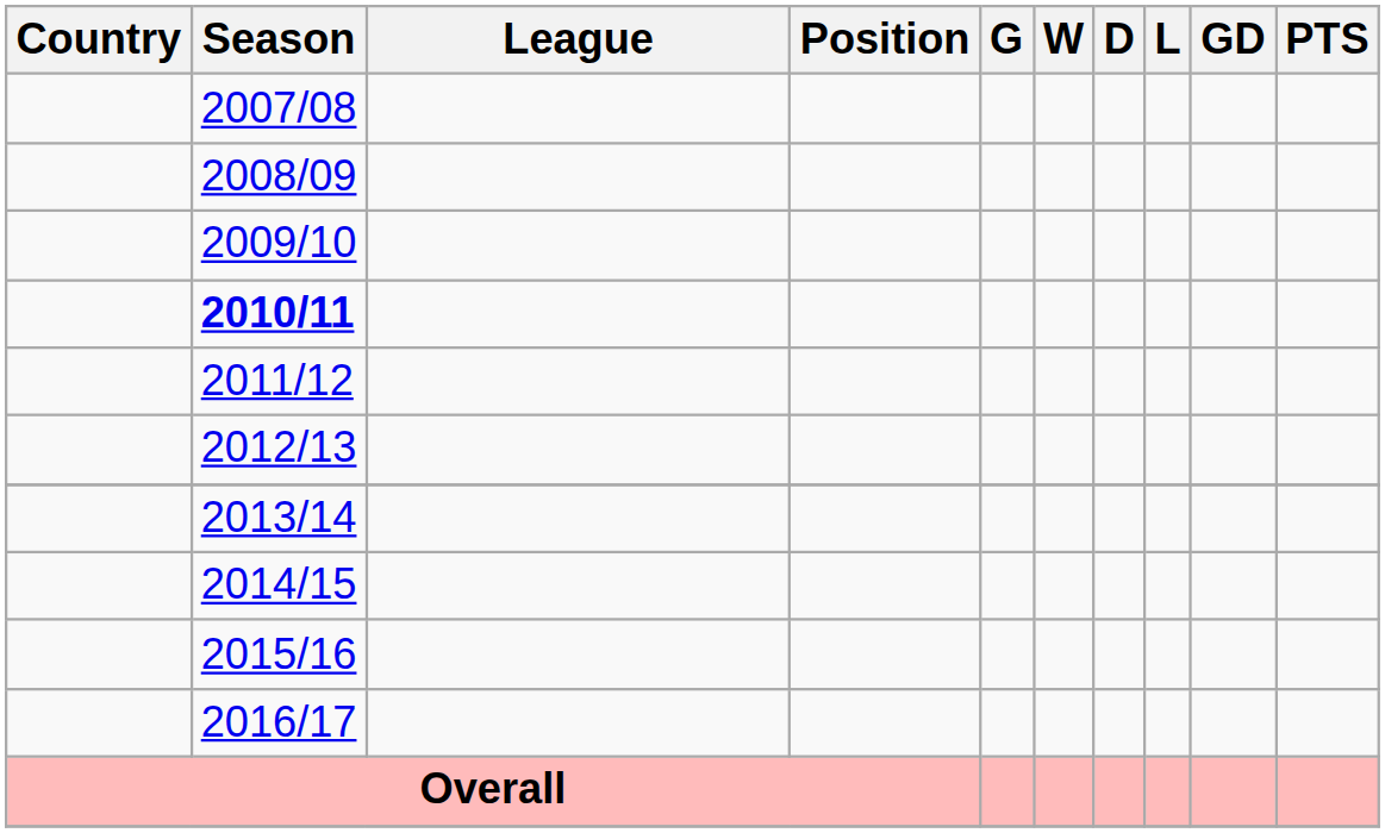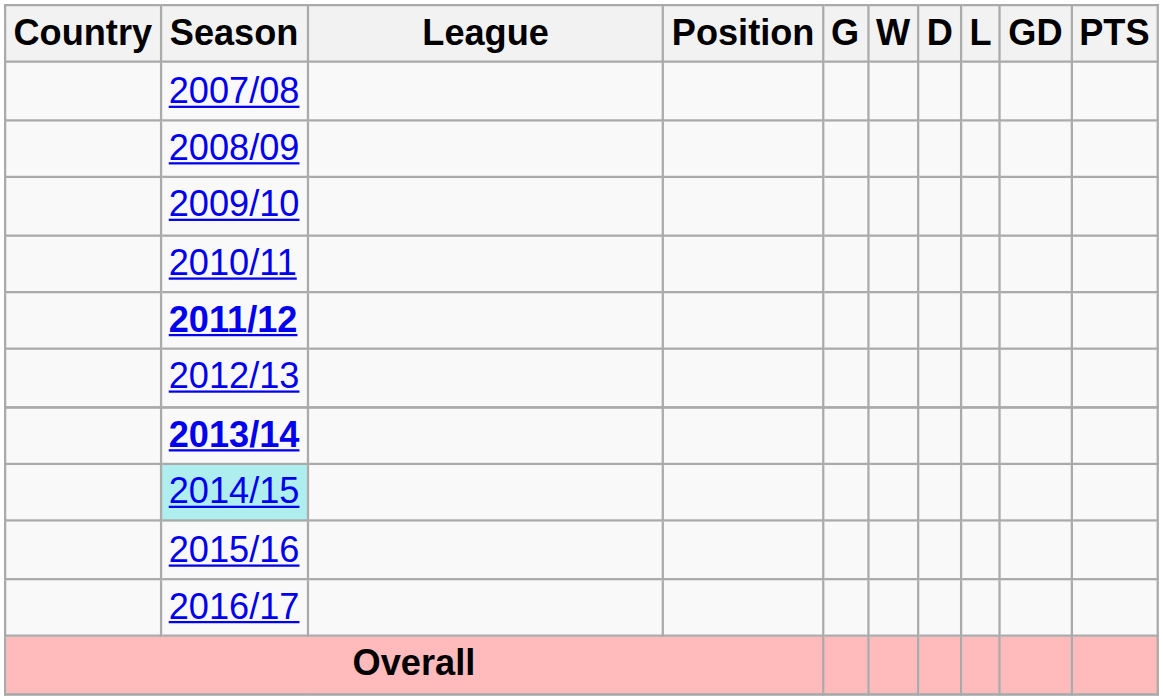 <table class="wikitable" font-size:80%>
 <tr>
 <th width="30"><strong>Country</strong></th>
 <th width="50"><strong>Season</strong></th>
 <th width="150"><strong>League</strong></th>
 <th width="10"><strong>Position</strong></th>
 <th width="8"><strong>G</strong></th>
 <th width="8"><strong>W</strong></th>
 <th width="8"><strong>D</strong></th>
 <th width="8"><strong>L</strong></th>
 <th width="18"><strong>GD</strong></th>
 <th width="8"><strong>PTS</strong></th>
 </tr>
 <tr>
 <td></td>
 <td><a href='#'>2007/08</a></td>
 <td></td>
 <td></td>
 <td></td>
 <td></td>
 <td></td>
 <td></td>
 <td></td>
 <td></td>
 </tr>
 <tr>
 <td></td>
 <td><a href='#'>2008/09</a></td>
 <td></td>
 <td></td>
 <td></td>
 <td></td>
 <td></td>
 <td></td>
 <td></td>
 <td></td>
 </tr>
 <tr>
 <td></td>
 <td><a href='#'>2009/10</a></td>
 <td></td>
 <td></td>
 <td></td>
 <td></td>
 <td></td>
 <td></td>
 <td></td>
 <td></td>
 </tr>
 <tr>
 <td></td>
-<td><strong><a href='#'>2010/11</a></strong></td>
+<td><a href='#'>2010/11</a></td>
 <td></td>
 <td></td>
 <td></td>
 <td></td>
 <td></td>
 <td></td>
 <td></td>
 <td></td>
 </tr>
 <tr>
 <td></td>
-<td><a href='#'>2011/12</a></td>
+<td><strong><a href='#'>2011/12</a></strong></td>
 <td></td>
 <td></td>
 <td></td>
 <td></td>
 <td></td>
 <td></td>
 <td></td>
 <td></td>
 </tr>
 <tr>
 <td></td>
 <td><a href='#'>2012/13</a></td>
 <td></td>
 <td></td>
 <td></td>
 <td></td>
 <td></td>
 <td></td>
 <td></td>
 <td></td>
 </tr>
 <tr>
 </tr>
 <tr>
 <td></td>
-<td><a href='#'>2013/14</a></td>
+<td><strong><a href='#'>2013/14</a></strong></td>
 <td></td>
 <td></td>
 <td></td>
 <td></td>
 <td></td>
 <td></td>
 <td></td>
 <td></td>
 </tr>
 <tr>
 <td></td>
-<td><a href='#'>2014/15</a></td>
+<td style="background: paleturquoise;"><a href='#'>2014/15</a></td>
 <td></td>
 <td></td>
 <td></td>
 <td></td>
 <td></td>
 <td></td>
 <td></td>
 <td></td>
 </tr>
 <tr>
 <td></td>
 <td><a href='#'>2015/16</a></td>
 <td></td>
 <td></td>
 <td></td>
 <td></td>
 <td></td>
 <td></td>
 <td></td>
 <td></td>
 </tr>
 <tr>
 <td></td>
 <td><a href='#'>2016/17</a></td>
 <td></td>
 <td></td>
 <td></td>
 <td></td>
 <td></td>
 <td></td>
 <td></td>
 <td></td>
 </tr>
 <tr style="background:#ffbbbb;">
 <td colspan=4 style="text-align:center;"><strong>Overall</strong></td>
 <td></td>
 <td></td>
 <td></td>
 <td></td>
 <td></td>
 <td></td>
 </tr>
 <tr>
 </tr>
 </table>
